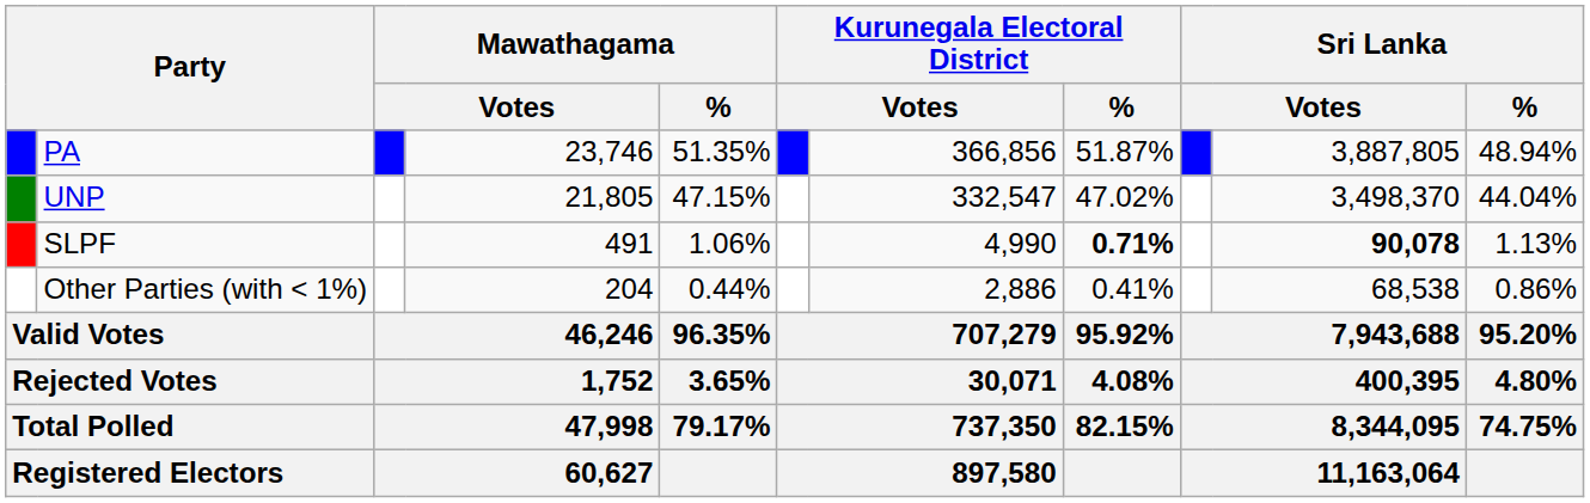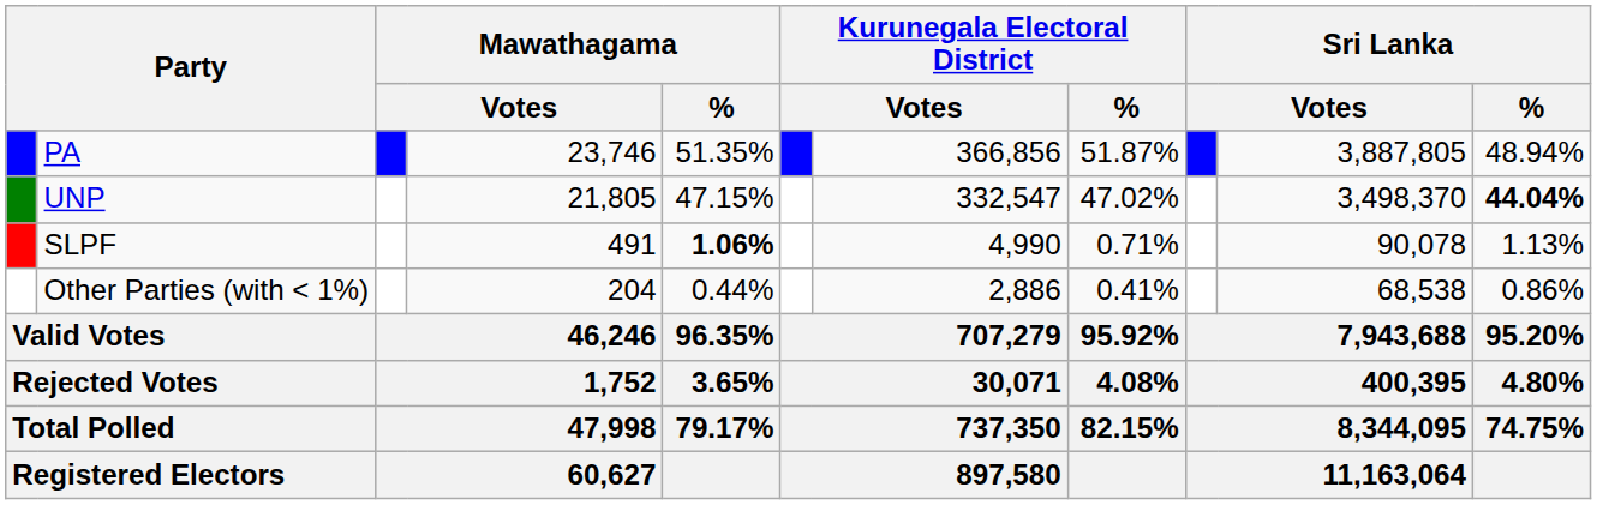 <table class="wikitable">
 <tr>
 <th colspan="2" width="144px"rowspan="2">Party</th>
 <th colspan="3" width="216px">Mawathagama</th>
 <th colspan="3" width="216px"><a href='#'>Kurunegala Electoral District</a></th>
 <th colspan="3" width="216px">Sri Lanka</th>
 </tr>
 <tr>
 <th colspan="2" width="144px">Votes</th>
 <th>%</th>
 <th colspan="2" width="144px">Votes</th>
 <th>%</th>
 <th colspan="2" width="144px">Votes</th>
 <th>%</th>
 </tr>
 <tr>
 <td style="background-color:blue;" width="10px"></td>
 <td style="text-align:left;"><a href='#'>PA</a></td>
 <td style="background-color:blue;" width="10px"></td>
 <td style="text-align:right;">23,746</td>
 <td style="text-align:right;">51.35%</td>
 <td style="background-color:blue;" width="10px"></td>
 <td style="text-align:right;">366,856</td>
 <td style="text-align:right;">51.87%</td>
 <td style="background-color:blue;" width="10px"></td>
 <td style="text-align:right;">3,887,805</td>
 <td style="text-align:right;">48.94%</td>
 </tr>
 <tr>
 <td style="background-color:green;" width="10px"></td>
 <td style="text-align:left;"><a href='#'>UNP</a></td>
 <td style="background-color:white;" width="10px"></td>
 <td style="text-align:right;">21,805</td>
 <td style="text-align:right;">47.15%</td>
 <td style="background-color:white;" width="10px"></td>
 <td style="text-align:right;">332,547</td>
 <td style="text-align:right;">47.02%</td>
 <td style="background-color:white;" width="10px"></td>
 <td style="text-align:right;">3,498,370</td>
-<td style="text-align:right;">44.04%</td>
+<td style="text-align:right;"><strong>44.04%</strong></td>
 </tr>
 <tr>
 <td style="background-color:red;" width="10px"></td>
 <td style="text-align:left;">SLPF</td>
 <td style="background-color:white;" width="10px"></td>
 <td style="text-align:right;">491</td>
-<td style="text-align:right;">1.06%</td>
+<td style="text-align:right;"><strong>1.06%</strong></td>
 <td style="background-color:white;" width="10px"></td>
 <td style="text-align:right;">4,990</td>
-<td style="text-align:right;"><strong>0.71%</strong></td>
+<td style="text-align:right;">0.71%</td>
 <td style="background-color:white;" width="10px"></td>
-<td style="text-align:right;"><strong>90,078</strong></td>
+<td style="text-align:right;">90,078</td>
 <td style="text-align:right;">1.13%</td>
 </tr>
 <tr>
 <td style="background-color:white;" width="10px"></td>
 <td style="text-align:left;">Other Parties (with < 1%)</td>
 <td style="background-color:white;" width="10px"></td>
 <td style="text-align:right;">204</td>
 <td style="text-align:right;">0.44%</td>
 <td style="background-color:white;" width="10px"></td>
 <td style="text-align:right;">2,886</td>
 <td style="text-align:right;">0.41%</td>
 <td style="background-color:white;" width="10px"></td>
 <td style="text-align:right;">68,538</td>
 <td style="text-align:right;">0.86%</td>
 </tr>
 <tr>
 <th colspan="2" width="144px"style="text-align:left;">Valid Votes</th>
 <th style="text-align:right;"colspan="2" width="144px">46,246</th>
 <th style="text-align:right;">96.35%</th>
 <th style="text-align:right;"colspan="2" width="144px">707,279</th>
 <th style="text-align:right;">95.92%</th>
 <th style="text-align:right;"colspan="2" width="144px">7,943,688</th>
 <th style="text-align:right;">95.20%</th>
 </tr>
 <tr>
 <th colspan="2" width="144px"style="text-align:left;">Rejected Votes</th>
 <th style="text-align:right;"colspan="2" width="144px">1,752</th>
 <th style="text-align:right;">3.65%</th>
 <th style="text-align:right;"colspan="2" width="144px">30,071</th>
 <th style="text-align:right;">4.08%</th>
 <th style="text-align:right;"colspan="2" width="144px">400,395</th>
 <th style="text-align:right;">4.80%</th>
 </tr>
 <tr>
 <th colspan="2" width="144px"style="text-align:left;">Total Polled</th>
 <th style="text-align:right;"colspan="2" width="144px">47,998</th>
 <th style="text-align:right;">79.17%</th>
 <th style="text-align:right;"colspan="2" width="144px">737,350</th>
 <th style="text-align:right;">82.15%</th>
 <th style="text-align:right;"colspan="2" width="144px">8,344,095</th>
 <th style="text-align:right;">74.75%</th>
 </tr>
 <tr>
 <th colspan="2" width="144px"style="text-align:left;">Registered Electors</th>
 <th style="text-align:right;"colspan="2" width="144px">60,627</th>
 <th></th>
 <th style="text-align:right;"colspan="2" width="144px">897,580</th>
 <th></th>
 <th style="text-align:right;"colspan="2" width="144px">11,163,064</th>
 <th></th>
 </tr>
 </table>
